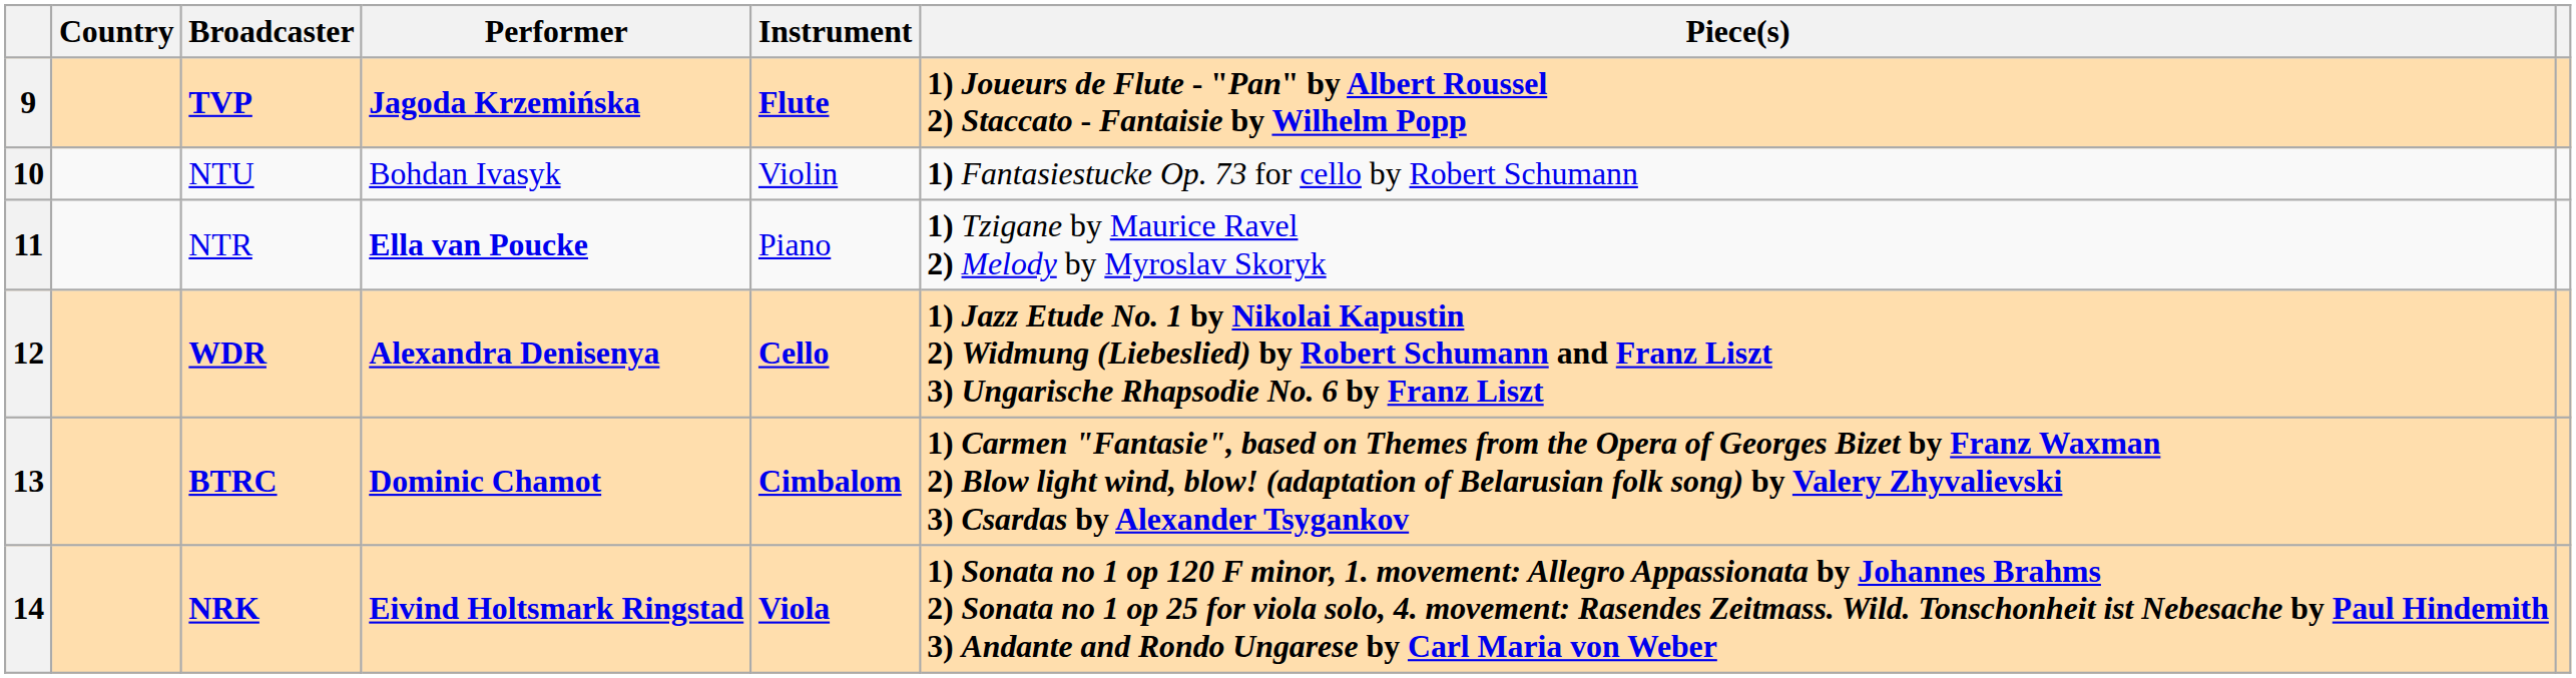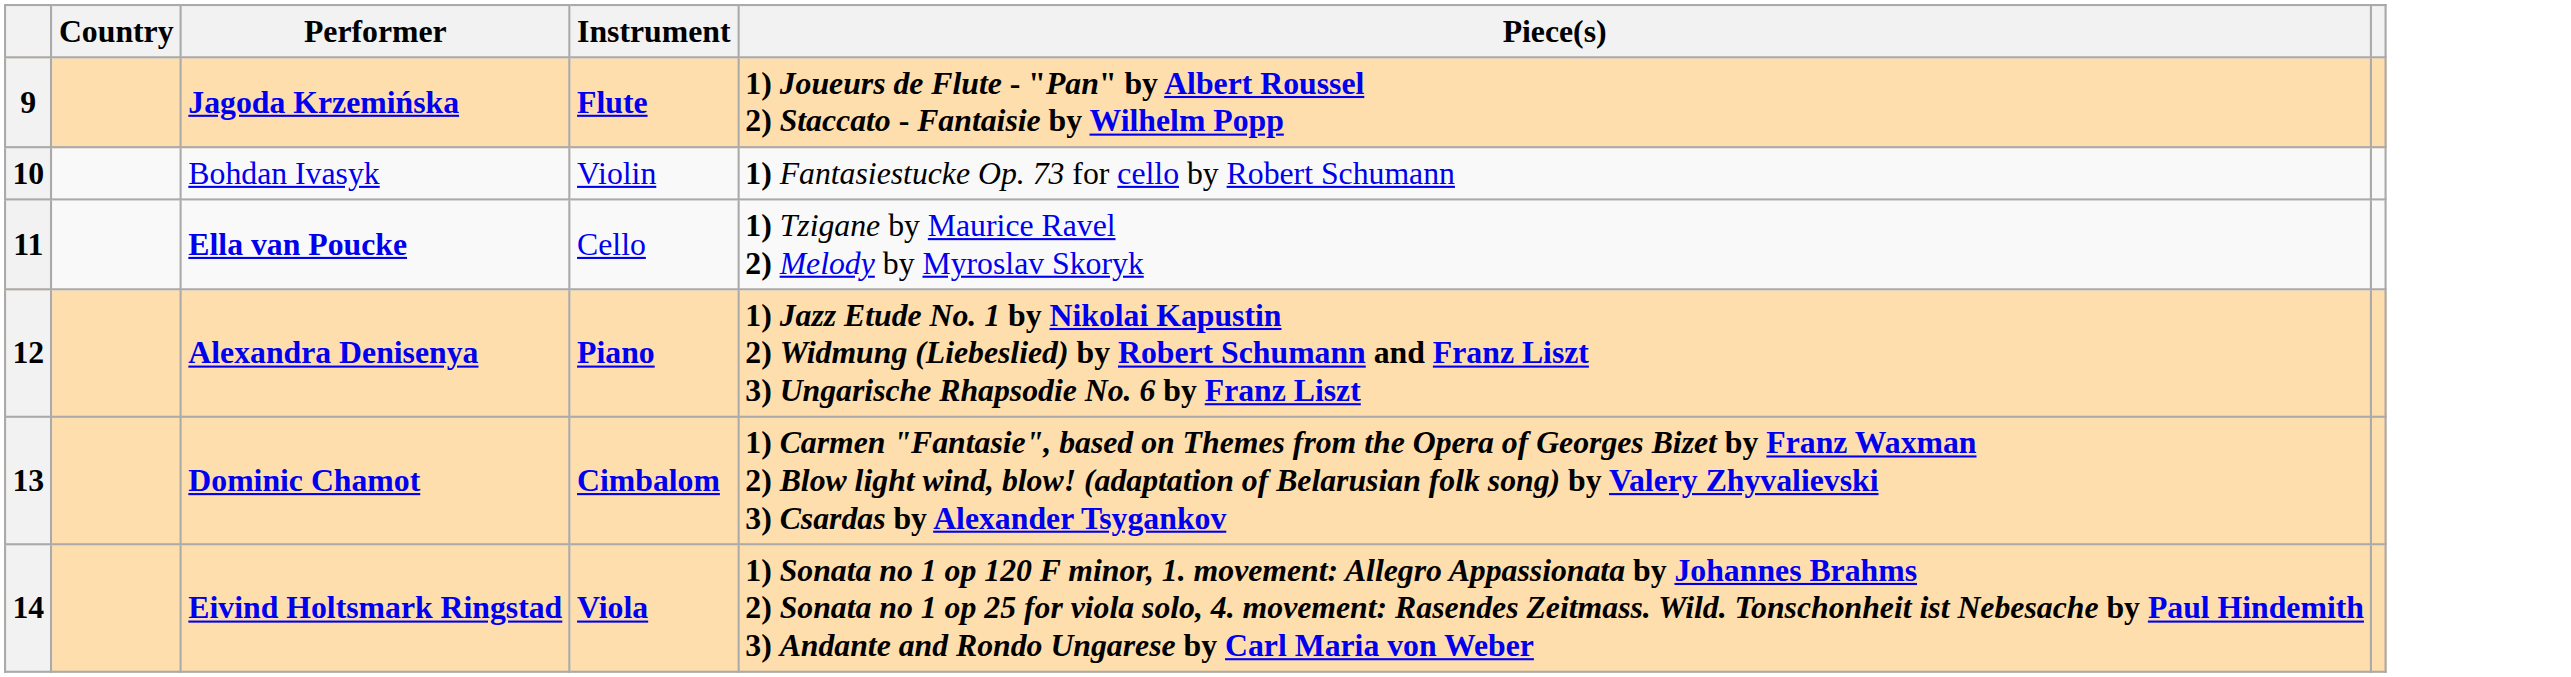 <table class="wikitable sortable plainrowheaders" style="font-size:95%;">
 <tr>
 <th scope="col"></th>
 <th>Country</th>
-<th>Broadcaster</th>
 <th>Performer</th>
 <th>Instrument</th>
 <th>Piece(s)</th>
 <th></th>
 </tr>
 <tr style="font-weight:bold; background:NavajoWhite;">
 <th scope="row" style="text-align:center;">9</th>
 <td></td>
-<td><a href='#'>TVP</a></td>
 <td><a href='#'>Jagoda Krzemińska</a></td>
 <td><a href='#'>Flute</a></td>
 <td><strong> 1)</strong> <em>Joueurs de Flute</em> - "<em>Pan</em>" by <a href='#'>Albert Roussel</a><br> <strong>2)</strong> <em>Staccato</em> - <em>Fantaisie</em> by <a href='#'>Wilhelm Popp</a></td>
 <td style="text-align:center;"><strong></strong></td>
 </tr>
 <tr>
 <th scope="row" style="text-align:center;">10</th>
 <td></td>
-<td><a href='#'>NTU</a></td>
 <td><a href='#'>Bohdan Ivasyk</a></td>
 <td><a href='#'>Violin</a></td>
 <td><strong> 1)</strong> <em>Fantasiestucke Op. 73</em> for <a href='#'>cello</a> by <a href='#'>Robert Schumann</a></td>
 <td style="text-align:center;"><em></em></td>
 </tr>
 <tr>
 <th scope="row" style="text-align:center;">11</th>
 <td></td>
-<td><a href='#'>NTR</a></td>
 <td><strong><a href='#'>Ella van Poucke</a></strong></td>
-<td><a href='#'>Piano</a></td>
+<td><a href='#'>Cello</a></td>
 <td><strong>1)</strong> <em>Tzigane</em> by <a href='#'>Maurice Ravel</a> <br> <strong>2)</strong> <em><a href='#'>Melody</a></em> by <a href='#'>Myroslav Skoryk</a></td>
 <td style="text-align:center;"><em></em></td>
 </tr>
 <tr style="font-weight:bold; background:NavajoWhite;">
 <th scope="row" style="text-align:center;">12</th>
 <td></td>
-<td><a href='#'>WDR</a></td>
 <td><a href='#'>Alexandra Denisenya</a></td>
-<td><a href='#'>Cello</a></td>
+<td><a href='#'>Piano</a></td>
 <td><strong>1)</strong> <em>Jazz Etude No. 1</em> by <a href='#'>Nikolai Kapustin</a> <br> <strong>2)</strong> <em>Widmung (Liebeslied)</em> by <a href='#'>Robert Schumann</a> and <a href='#'>Franz Liszt</a> <br> <strong>3)</strong> <em>Ungarische Rhapsodie No. 6</em> by <a href='#'>Franz Liszt</a></td>
 <td style="text-align:center;"><strong></strong></td>
 </tr>
 <tr style="font-weight:bold; background:NavajoWhite;">
 <th scope="row" style="text-align:center;">13</th>
 <td></td>
-<td><a href='#'>BTRC</a></td>
 <td><a href='#'>Dominic Chamot</a></td>
 <td><a href='#'>Cimbalom</a></td>
 <td><strong>1)</strong> <em>Carmen "Fantasie", based on Themes from the Opera of Georges Bizet</em> by <a href='#'>Franz Waxman</a> <br> <strong>2)</strong> <em>Blow light wind, blow! (adaptation of Belarusian folk song)</em> by <a href='#'>Valery Zhyvalievski</a><br> <strong>3)</strong> <em>Сsardas</em> by <a href='#'>Alexander Tsygankov</a></td>
 <td style="text-align:center;"><strong></strong></td>
 </tr>
 <tr style="font-weight:bold; background:NavajoWhite;">
 <th scope="row" style="text-align:center;">14</th>
 <td></td>
-<td><a href='#'>NRK</a></td>
 <td><a href='#'>Eivind Holtsmark Ringstad</a></td>
 <td><a href='#'>Viola</a></td>
 <td><strong>1)</strong> <em>Sonata no 1 op 120 F minor, 1. movement: Allegro Appassionata</em> by <a href='#'>Johannes Brahms</a> <br> <strong>2)</strong> <em>Sonata no 1 op 25 for viola solo, 4. movement: Rasendes Zeitmass. Wild. Tonschonheit ist Nebesache</em> by <a href='#'>Paul Hindemith</a> <br> <strong>3)</strong> <em>Andante and Rondo Ungarese</em> by <a href='#'>Carl Maria von Weber</a></td>
 <td style="text-align:center;"><strong></strong></td>
 </tr>
 </table>
